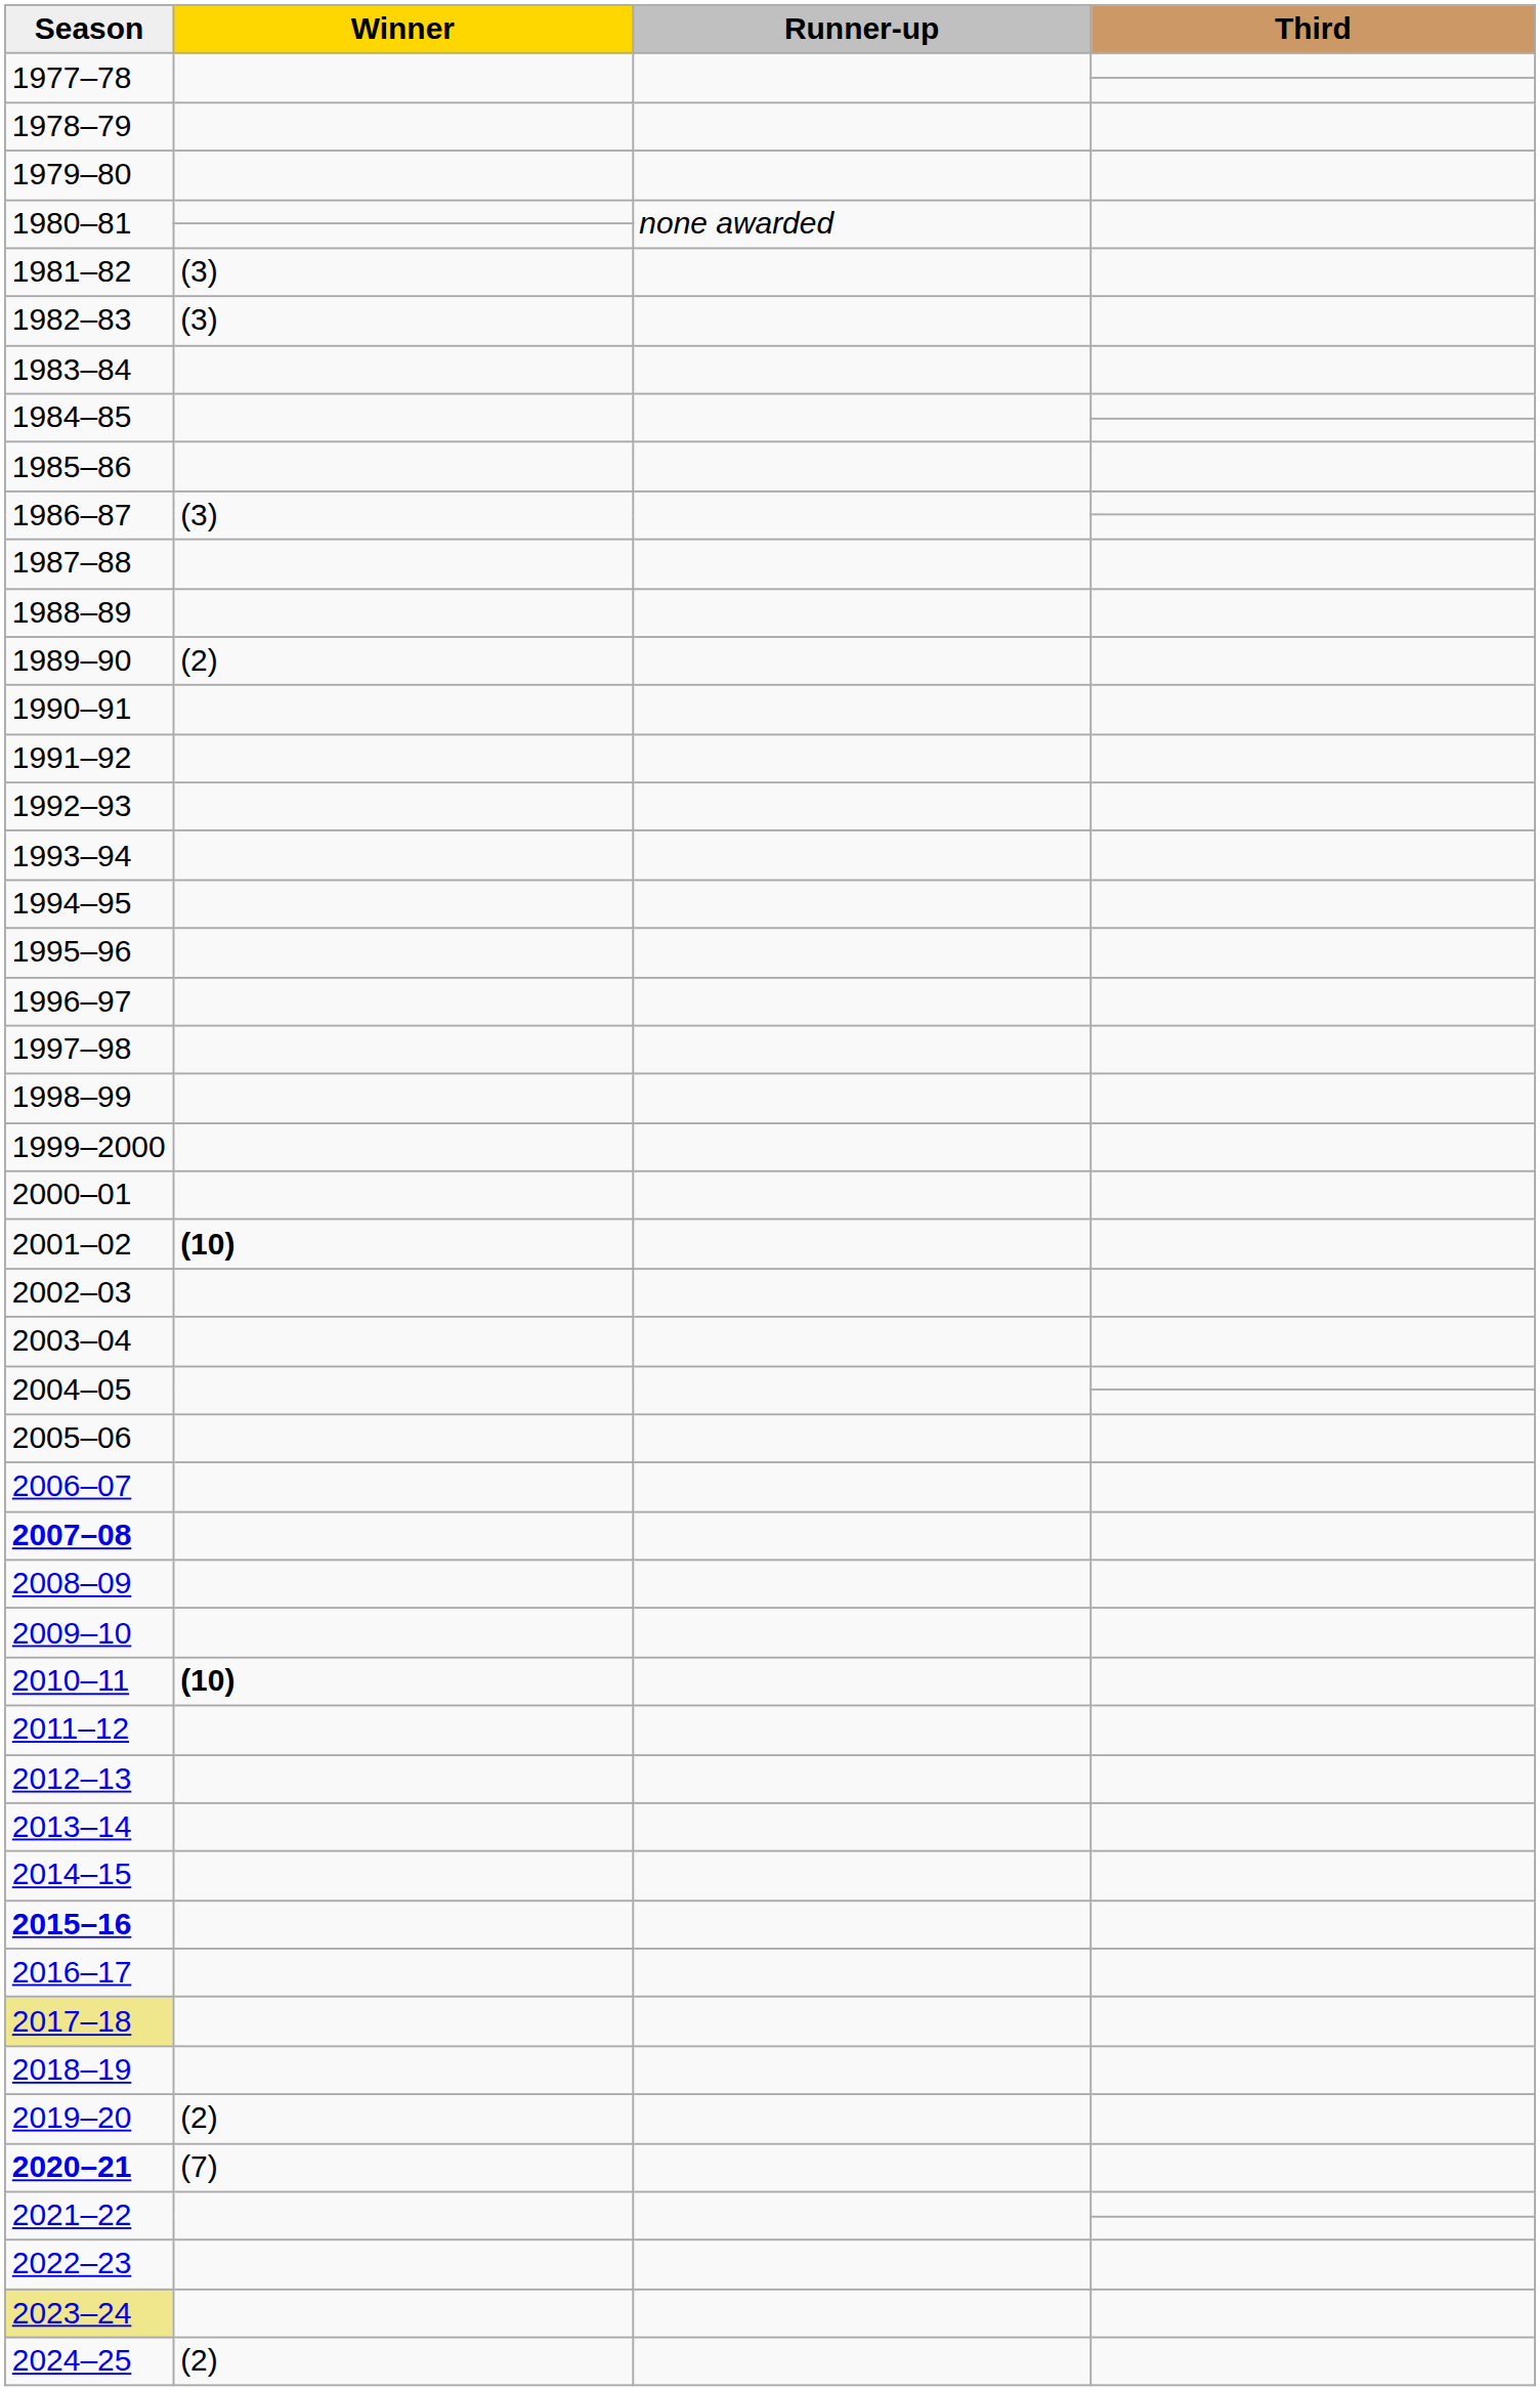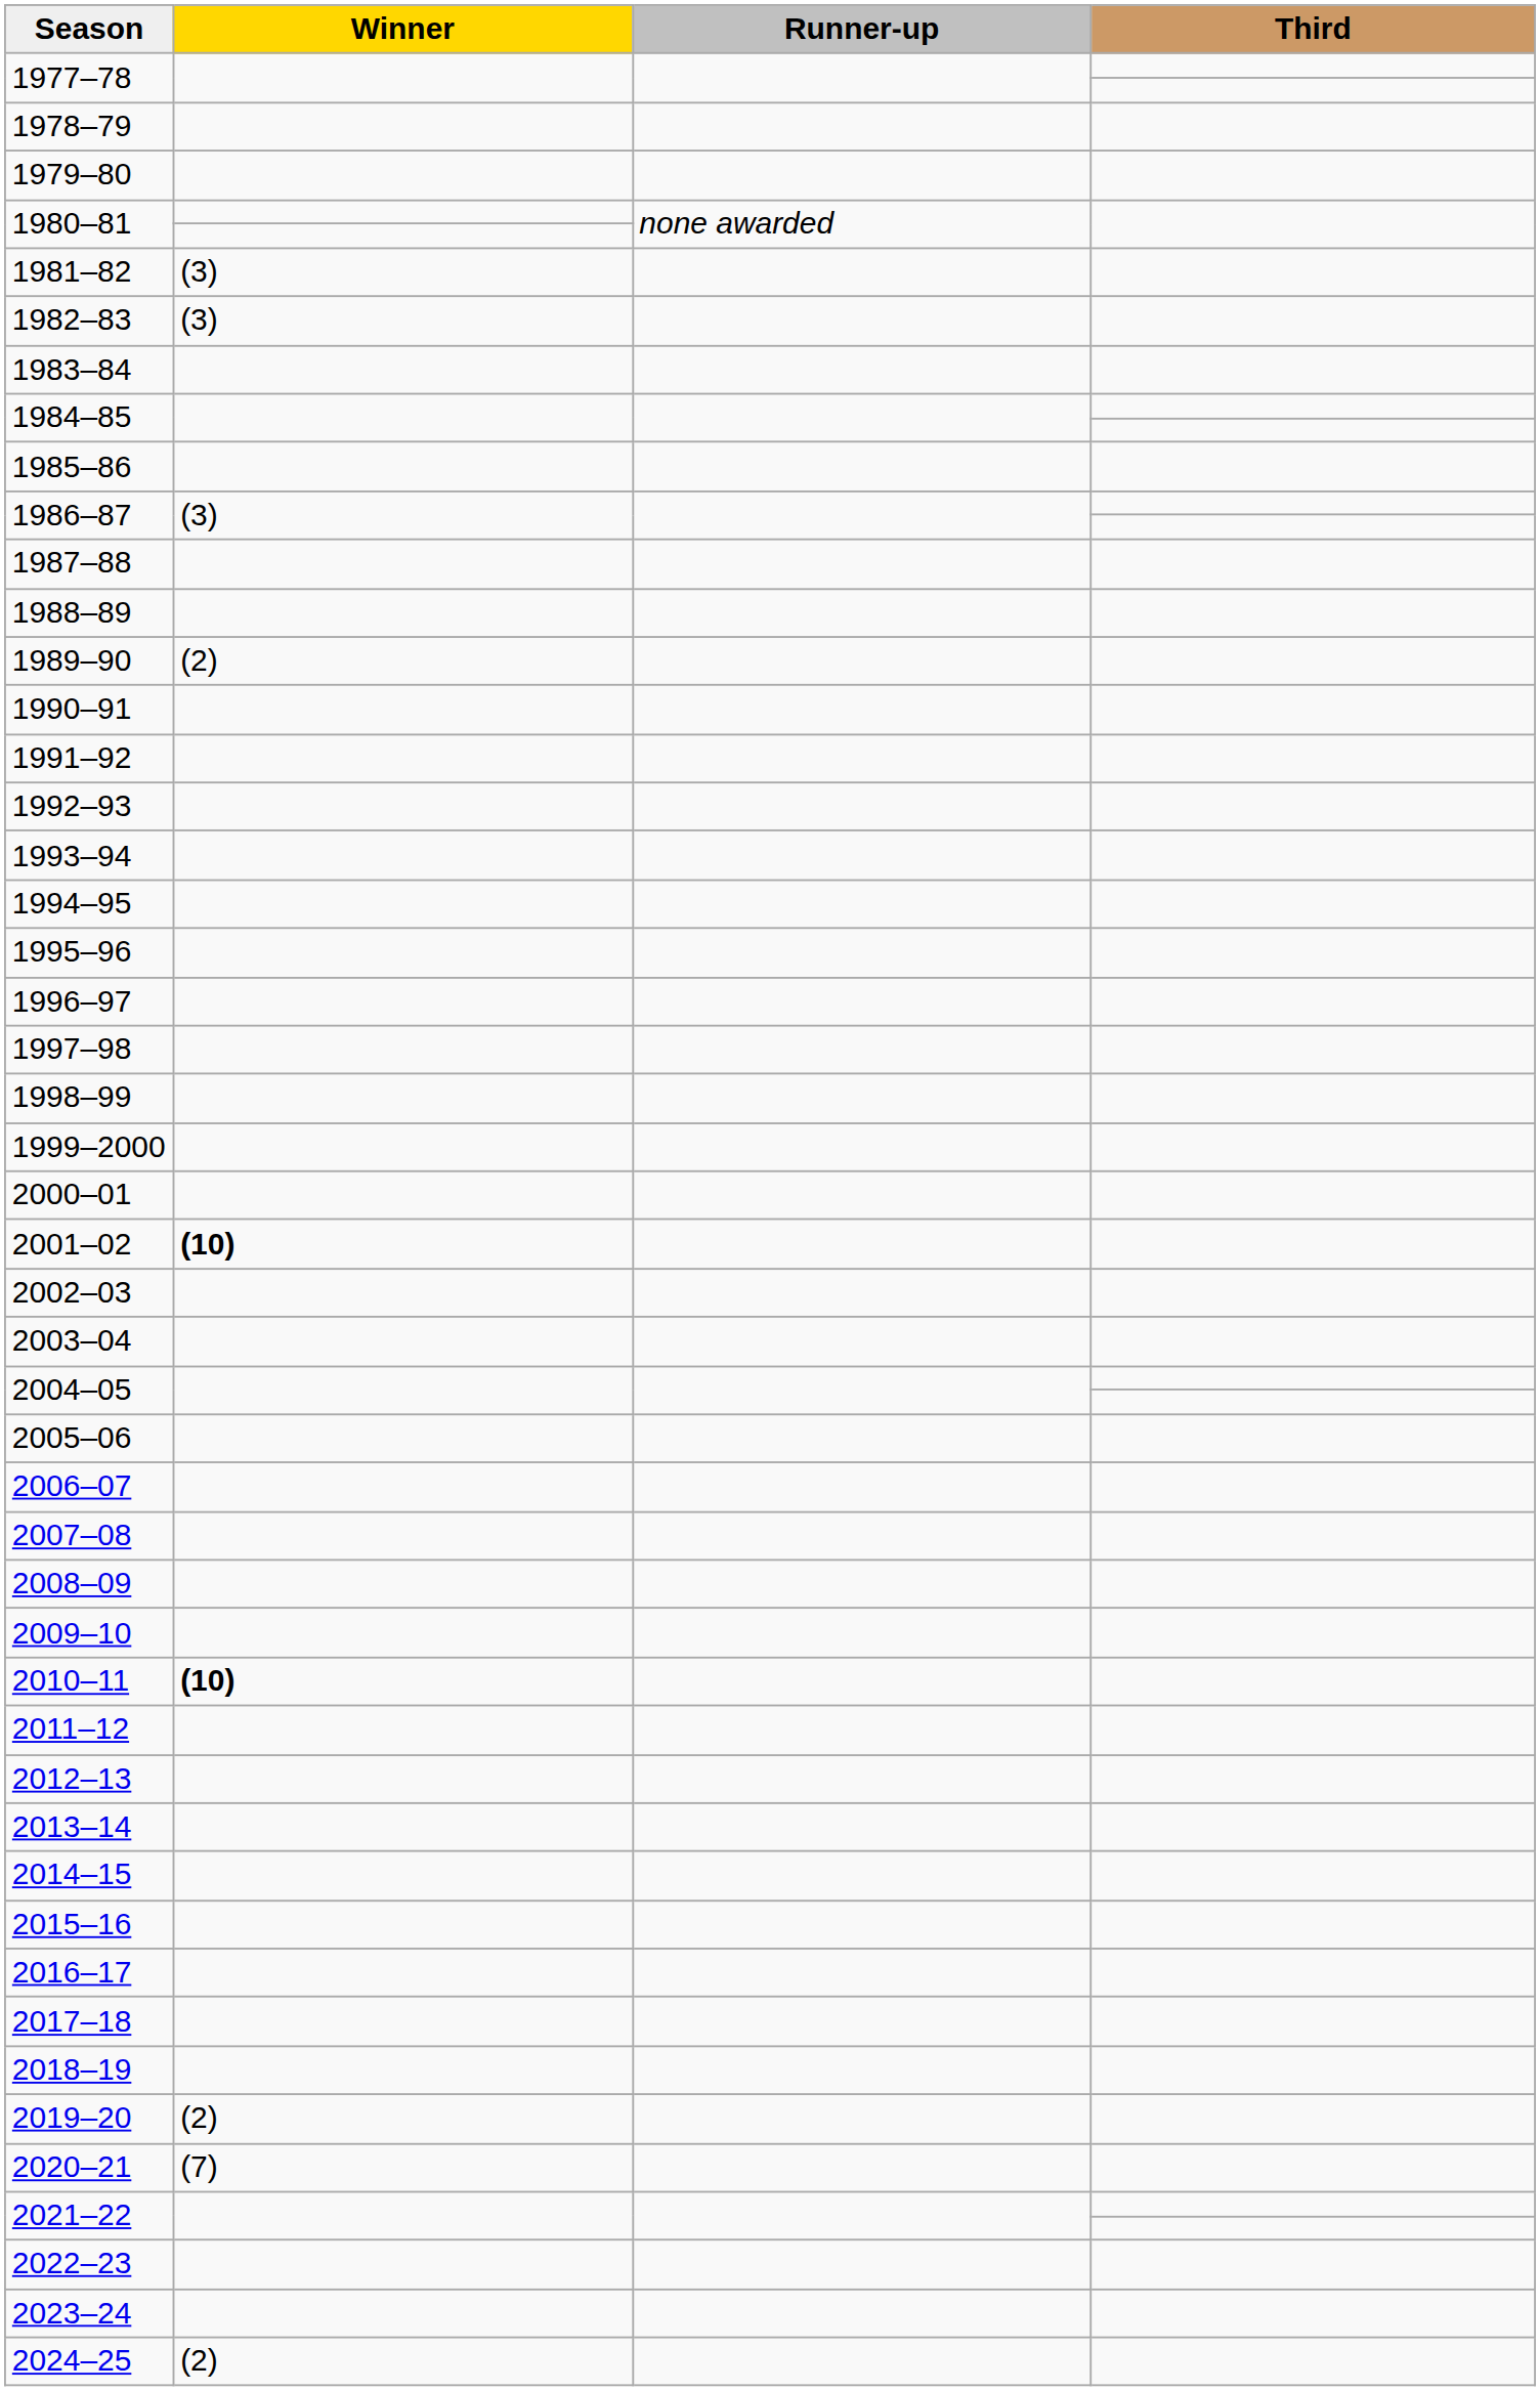 <table class="wikitable sortable" style="width:800px;">
 <tr>
 <th style="width:11%; background:#efefef;">Season</th>
 <th style="width:30%; background:gold">Winner</th>
 <th style="width:30%; background:silver">Runner-up</th>
 <th style="width:29%; background:#CC9966">Third</th>
 </tr>
 <tr>
 <td rowspan=2>1977–78</td>
 <td rowspan=2></td>
 <td rowspan=2></td>
 <td></td>
 </tr>
 <tr>
 <td></td>
 </tr>
 <tr>
 <td>1978–79</td>
 <td></td>
 <td></td>
 <td></td>
 </tr>
 <tr>
 <td>1979–80</td>
 <td></td>
 <td></td>
 <td></td>
 </tr>
 <tr>
 <td rowspan=2>1980–81</td>
 <td></td>
 <td rowspan=2><em>none awarded</em></td>
 <td rowspan=2></td>
 </tr>
 <tr>
 <td></td>
 </tr>
 <tr>
 <td>1981–82</td>
 <td> (3)</td>
 <td></td>
 <td></td>
 </tr>
 <tr>
 <td>1982–83</td>
 <td> (3)</td>
 <td></td>
 <td></td>
 </tr>
 <tr>
 <td>1983–84</td>
 <td></td>
 <td></td>
 <td></td>
 </tr>
 <tr>
 <td rowspan=2>1984–85</td>
 <td rowspan=2></td>
 <td rowspan=2></td>
 <td></td>
 </tr>
 <tr>
 <td></td>
 </tr>
 <tr>
 <td>1985–86</td>
 <td></td>
 <td></td>
 <td></td>
 </tr>
 <tr>
 <td rowspan=2>1986–87</td>
 <td rowspan=2> (3)</td>
 <td rowspan=2></td>
 <td></td>
 </tr>
 <tr>
 <td></td>
 </tr>
 <tr>
 <td>1987–88</td>
 <td></td>
 <td></td>
 <td></td>
 </tr>
 <tr>
 <td>1988–89</td>
 <td></td>
 <td></td>
 <td></td>
 </tr>
 <tr>
 <td>1989–90</td>
 <td> (2)</td>
 <td></td>
 <td></td>
 </tr>
 <tr>
 <td>1990–91</td>
 <td></td>
 <td></td>
 <td></td>
 </tr>
 <tr>
 <td>1991–92</td>
 <td></td>
 <td></td>
 <td></td>
 </tr>
 <tr>
 <td>1992–93</td>
 <td></td>
 <td></td>
 <td></td>
 </tr>
 <tr>
 <td>1993–94</td>
 <td></td>
 <td></td>
 <td></td>
 </tr>
 <tr>
 <td>1994–95</td>
 <td></td>
 <td></td>
 <td></td>
 </tr>
 <tr>
 <td>1995–96</td>
 <td></td>
 <td></td>
 <td></td>
 </tr>
 <tr>
 <td>1996–97</td>
 <td></td>
 <td></td>
 <td></td>
 </tr>
 <tr>
 <td>1997–98</td>
 <td></td>
 <td></td>
 <td></td>
 </tr>
 <tr>
 <td>1998–99</td>
 <td></td>
 <td></td>
 <td></td>
 </tr>
 <tr>
 <td>1999–2000</td>
 <td></td>
 <td></td>
 <td></td>
 </tr>
 <tr>
 <td>2000–01</td>
 <td></td>
 <td></td>
 <td></td>
 </tr>
 <tr>
 <td>2001–02</td>
 <td> <strong>(10)</strong></td>
 <td></td>
 <td></td>
 </tr>
 <tr>
 <td>2002–03</td>
 <td></td>
 <td></td>
 <td></td>
 </tr>
 <tr>
 <td>2003–04</td>
 <td></td>
 <td></td>
 <td></td>
 </tr>
 <tr>
 <td rowspan=2>2004–05</td>
 <td rowspan=2></td>
 <td rowspan=2></td>
 <td></td>
 </tr>
 <tr>
 <td></td>
 </tr>
 <tr>
 <td>2005–06</td>
 <td></td>
 <td></td>
 <td></td>
 </tr>
 <tr>
 <td><a href='#'>2006–07</a></td>
 <td></td>
 <td></td>
 <td></td>
 </tr>
 <tr>
-<td><strong><a href='#'>2007–08</a></strong></td>
+<td><a href='#'>2007–08</a></td>
 <td></td>
 <td></td>
 <td></td>
 </tr>
 <tr>
 <td><a href='#'>2008–09</a></td>
 <td></td>
 <td></td>
 <td></td>
 </tr>
 <tr>
 <td><a href='#'>2009–10</a></td>
 <td></td>
 <td></td>
 <td></td>
 </tr>
 <tr>
 <td><a href='#'>2010–11</a></td>
 <td> <strong>(10)</strong></td>
 <td></td>
 <td></td>
 </tr>
 <tr>
 <td><a href='#'>2011–12</a></td>
 <td></td>
 <td></td>
 <td></td>
 </tr>
 <tr>
 <td><a href='#'>2012–13</a></td>
 <td></td>
 <td></td>
 <td></td>
 </tr>
 <tr>
 <td><a href='#'>2013–14</a></td>
 <td></td>
 <td></td>
 <td></td>
 </tr>
 <tr>
 <td><a href='#'>2014–15</a></td>
 <td></td>
 <td></td>
 <td></td>
 </tr>
 <tr>
-<td><strong><a href='#'>2015–16</a></strong></td>
+<td><a href='#'>2015–16</a></td>
 <td></td>
 <td></td>
 <td></td>
 </tr>
 <tr>
 <td><a href='#'>2016–17</a></td>
 <td></td>
 <td></td>
 <td></td>
 </tr>
 <tr>
-<td style="background: khaki;"><a href='#'>2017–18</a></td>
+<td><a href='#'>2017–18</a></td>
 <td></td>
 <td></td>
 <td></td>
 </tr>
 <tr>
 <td><a href='#'>2018–19</a></td>
 <td></td>
 <td></td>
 <td></td>
 </tr>
 <tr>
 <td><a href='#'>2019–20</a></td>
 <td> (2)</td>
 <td></td>
 <td></td>
 </tr>
 <tr>
-<td><strong><a href='#'>2020–21</a></strong></td>
+<td><a href='#'>2020–21</a></td>
 <td> (7)</td>
 <td></td>
 <td></td>
 </tr>
 <tr>
 <td rowspan=2><a href='#'>2021–22</a></td>
 <td rowspan=2></td>
 <td rowspan=2></td>
 <td></td>
 </tr>
 <tr>
 <td></td>
 </tr>
 <tr>
 <td><a href='#'>2022–23</a></td>
 <td></td>
 <td></td>
 <td></td>
 </tr>
 <tr>
-<td style="background: khaki;"><a href='#'>2023–24</a></td>
+<td><a href='#'>2023–24</a></td>
 <td></td>
 <td></td>
 <td></td>
 </tr>
 <tr>
 <td><a href='#'>2024–25</a></td>
 <td> (2)</td>
 <td></td>
 <td></td>
 </tr>
 </table>
